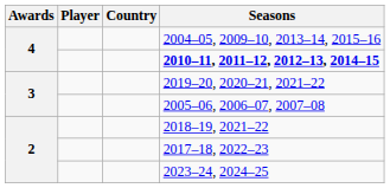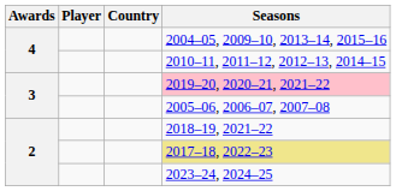 <table class="wikitable">
 <tr>
 <th>Awards</th>
 <th>Player</th>
 <th>Country</th>
 <th>Seasons</th>
 </tr>
 <tr>
 <th rowspan="2">4</th>
 <td></td>
 <td></td>
 <td><a href='#'>2004–05</a>, <a href='#'>2009–10</a>, <a href='#'>2013–14</a>, <a href='#'>2015–16</a></td>
 </tr>
 <tr>
 <td></td>
 <td></td>
-<td><strong><a href='#'>2010–11</a>, <a href='#'>2011–12</a>, <a href='#'>2012–13</a>, <a href='#'>2014–15</a></strong></td>
+<td><a href='#'>2010–11</a>, <a href='#'>2011–12</a>, <a href='#'>2012–13</a>, <a href='#'>2014–15</a></td>
 </tr>
 <tr>
 <th rowspan="2">3</th>
 <td><strong></strong></td>
 <td></td>
-<td><a href='#'>2019–20</a>, <a href='#'>2020–21</a>, <a href='#'>2021–22</a></td>
+<td style="background: pink;"><a href='#'>2019–20</a>, <a href='#'>2020–21</a>, <a href='#'>2021–22</a></td>
 </tr>
 <tr>
 <td></td>
 <td></td>
 <td><a href='#'>2005–06</a>, <a href='#'>2006–07</a>, <a href='#'>2007–08</a></td>
 </tr>
 <tr>
 <th rowspan="3">2</th>
 <td><strong></strong></td>
 <td></td>
 <td><a href='#'>2018–19</a>, <a href='#'>2021–22</a></td>
 </tr>
 <tr>
 <td></td>
 <td></td>
-<td><a href='#'>2017–18</a>, <a href='#'>2022–23</a></td>
+<td style="background: khaki;"><a href='#'>2017–18</a>, <a href='#'>2022–23</a></td>
 </tr>
 <tr>
 <td><strong></strong></td>
 <td></td>
 <td><a href='#'>2023–24</a>, <a href='#'>2024–25</a></td>
 </tr>
 </table>
